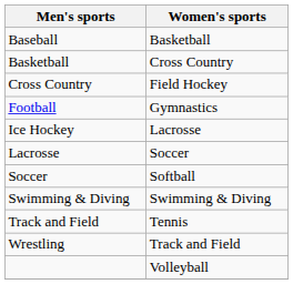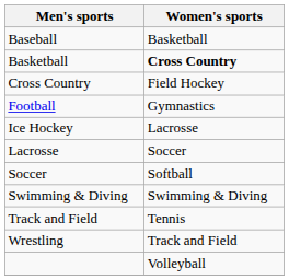 <table class="wikitable">
 <tr>
 <th width=150px>Men's sports</th>
 <th width=150px>Women's sports</th>
 </tr>
 <tr>
 <td>Baseball</td>
 <td>Basketball</td>
 </tr>
 <tr>
 <td>Basketball</td>
-<td>Cross Country</td>
+<td><strong>Cross Country</strong></td>
 </tr>
 <tr>
 <td>Cross Country</td>
 <td>Field Hockey</td>
 </tr>
 <tr>
 <td><a href='#'>Football</a></td>
 <td>Gymnastics</td>
 </tr>
 <tr>
 <td>Ice Hockey</td>
 <td>Lacrosse</td>
 </tr>
 <tr>
 <td>Lacrosse</td>
 <td>Soccer</td>
 </tr>
 <tr>
 <td>Soccer</td>
 <td>Softball</td>
 </tr>
 <tr>
 <td>Swimming & Diving</td>
 <td>Swimming & Diving</td>
 </tr>
 <tr>
 <td>Track and Field</td>
 <td>Tennis</td>
 </tr>
 <tr>
 <td>Wrestling</td>
 <td>Track and Field</td>
 </tr>
 <tr>
 <td></td>
 <td>Volleyball</td>
 </tr>
 <tr>
 </tr>
 </table>
